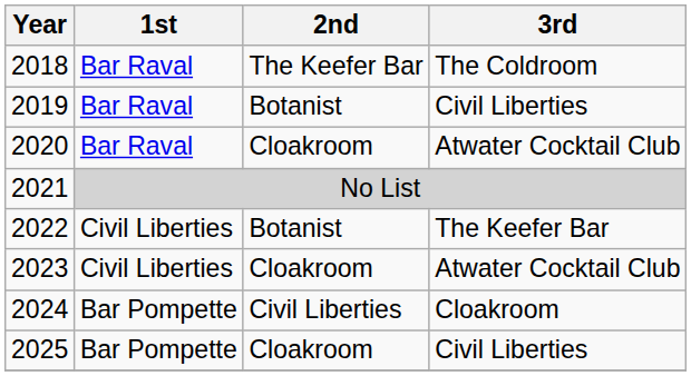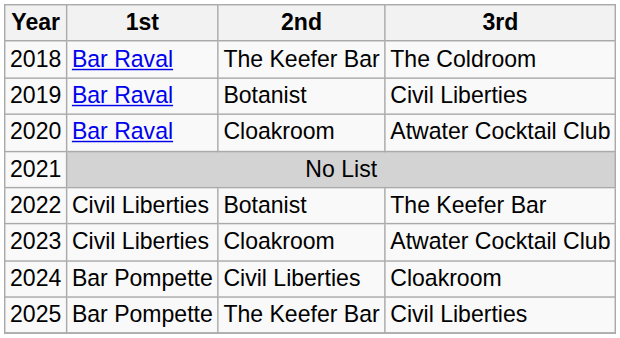 <table class="wikitable">
 <tr>
 <th>Year</th>
 <th>1st</th>
 <th>2nd</th>
 <th>3rd</th>
 </tr>
 <tr>
 <td>2018</td>
 <td> <a href='#'>Bar Raval</a></td>
 <td> The Keefer Bar</td>
 <td> The Coldroom</td>
 </tr>
 <tr>
 <td>2019</td>
 <td> <a href='#'>Bar Raval</a></td>
 <td> Botanist</td>
 <td> Civil Liberties</td>
 </tr>
 <tr>
 <td>2020</td>
 <td> <a href='#'>Bar Raval</a></td>
 <td> Cloakroom</td>
 <td> Atwater Cocktail Club</td>
 </tr>
 <tr>
 <td>2021</td>
 <td colspan="3" style="text-align: center;background: lightgray;">No List</td>
 </tr>
 <tr>
 <td>2022</td>
 <td> Civil Liberties</td>
 <td> Botanist</td>
 <td> The Keefer Bar</td>
 </tr>
 <tr>
 <td>2023</td>
 <td> Civil Liberties</td>
 <td> Cloakroom</td>
 <td> Atwater Cocktail Club</td>
 </tr>
 <tr>
 <td>2024</td>
 <td> Bar Pompette</td>
 <td> Civil Liberties</td>
 <td> Cloakroom</td>
 </tr>
 <tr>
 <td>2025</td>
 <td> Bar Pompette</td>
-<td> Cloakroom</td>
+<td> The Keefer Bar</td>
 <td> Civil Liberties</td>
 </tr>
 <tr>
 </tr>
 </table>
